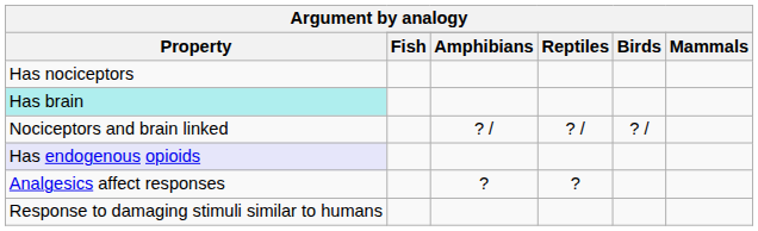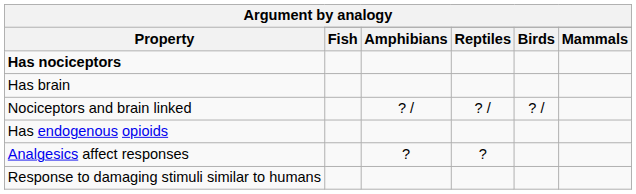 <table class="wikitable">
 <tr>
 <th colspan=10>Argument by analogy</th>
 </tr>
 <tr>
 <th rowspan=2>Property</th>
 </tr>
 <tr>
 <th>Fish</th>
 <th>Amphibians</th>
 <th>Reptiles</th>
 <th>Birds</th>
 <th>Mammals</th>
 </tr>
 <tr>
-<td>Has nociceptors</td>
+<td><strong>Has nociceptors</strong></td>
 <td align=center></td>
 <td align=center></td>
 <td align=center></td>
 <td align=center></td>
 <td align=center></td>
 </tr>
 <tr>
-<td style="background: paleturquoise;">Has brain</td>
+<td>Has brain</td>
 <td align=center></td>
 <td align=center></td>
 <td align=center></td>
 <td align=center></td>
 <td align=center></td>
 </tr>
 <tr>
 <td>Nociceptors and brain linked</td>
 <td align=center></td>
 <td align=center>? / </td>
 <td align=center>? / </td>
 <td align=center>? / </td>
 <td align=center></td>
 </tr>
 <tr>
-<td style="background: lavender;">Has <a href='#'>endogenous</a> <a href='#'>opioids</a></td>
+<td>Has <a href='#'>endogenous</a> <a href='#'>opioids</a></td>
 <td align=center></td>
 <td align=center></td>
 <td align=center></td>
 <td align=center></td>
 <td align=center></td>
 </tr>
 <tr>
 <td><a href='#'>Analgesics</a> affect responses</td>
 <td align=center></td>
 <td align=center>?</td>
 <td align=center>?</td>
 <td align=center></td>
 <td align=center></td>
 </tr>
 <tr>
 <td>Response to damaging stimuli similar to humans</td>
 <td align=center></td>
 <td align=center></td>
 <td align=center></td>
 <td align=center></td>
 <td align=center></td>
 </tr>
 </table>
